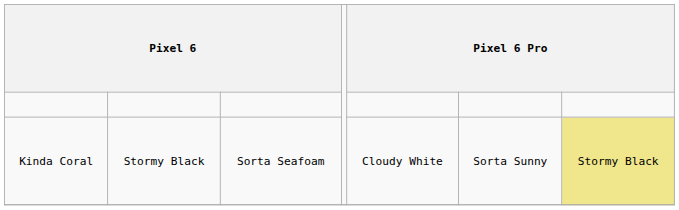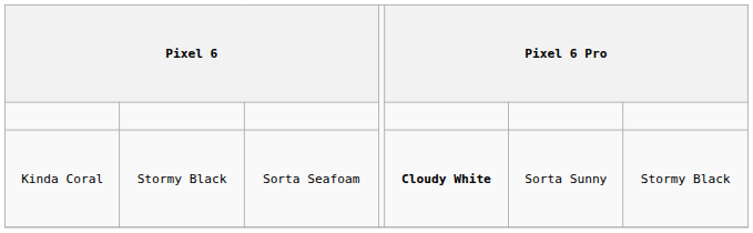 <table class="wikitable" style="text-align: center; width:60em; height:18em;">
 <tr>
 <th colspan="3"><strong>Pixel 6</strong></th>
 <td rowspan=3 style="font-size:70%;"></td>
 <th colspan="3"><strong>Pixel 6 Pro</strong></th>
 </tr>
 <tr>
 <td></td>
 <td></td>
 <td></td>
 <td></td>
 <td></td>
 <td></td>
 </tr>
 <tr>
 <td> Kinda Coral</td>
 <td> Stormy Black</td>
 <td> Sorta Seafoam</td>
-<td> Cloudy White</td>
+<td><strong> Cloudy White</strong></td>
 <td> Sorta Sunny</td>
-<td style="background: khaki;"> Stormy Black</td>
+<td> Stormy Black</td>
 </tr>
 <tr>
 </tr>
 </table>
